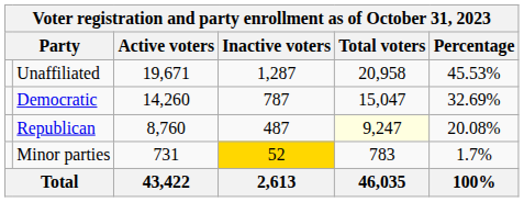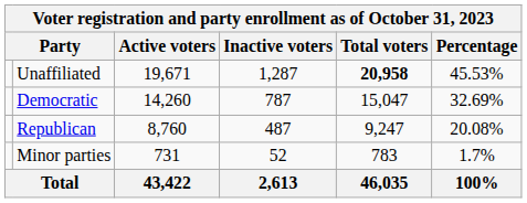 <table class="wikitable" style="text-align:center;">
 <tr>
 <th colspan = 6>Voter registration and party enrollment as of October 31, 2023 </th>
 </tr>
 <tr>
 <th colspan = 2>Party</th>
 <th>Active voters</th>
 <th>Inactive voters</th>
 <th>Total voters</th>
 <th>Percentage</th>
 </tr>
 <tr>
 <td></td>
 <td style="text-align:left">Unaffiliated</td>
 <td>19,671</td>
 <td>1,287</td>
-<td>20,958</td>
+<td><strong>20,958</strong></td>
 <td>45.53%</td>
 </tr>
 <tr>
 <td></td>
 <td style="text-align:left"><a href='#'>Democratic</a></td>
 <td>14,260</td>
 <td>787</td>
 <td>15,047</td>
 <td>32.69%</td>
 </tr>
 <tr>
 <td></td>
 <td style="text-align:left"><a href='#'>Republican</a></td>
 <td>8,760</td>
 <td>487</td>
-<td style="background: lightyellow;">9,247</td>
+<td>9,247</td>
 <td>20.08%</td>
 </tr>
 <tr>
 <td></td>
 <td style="text-align:left">Minor parties</td>
 <td>731</td>
-<td style="background: gold;">52</td>
+<td>52</td>
 <td>783</td>
 <td>1.7%</td>
 </tr>
 <tr>
 <th colspan = 2>Total</th>
 <th style="text-align:center;">43,422</th>
 <th style="text-align:center;">2,613</th>
 <th style="text-align:center;">46,035</th>
 <th style="text-align:center;">100%</th>
 </tr>
 </table>
